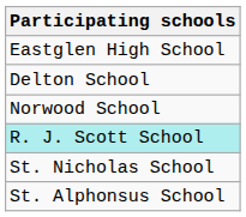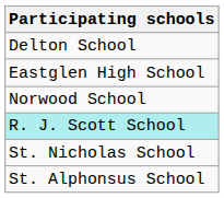 <table class="wikitable" align=right>
 <tr>
 <th>Participating schools</th>
 </tr>
 <tr>
-<td>Eastglen High School</td>
+<td>Delton School</td>
 </tr>
 <tr>
-<td>Delton School</td>
+<td>Eastglen High School</td>
 </tr>
 <tr>
 <td>Norwood School</td>
 </tr>
 <tr>
 <td style="background: paleturquoise;">R. J. Scott School</td>
 </tr>
 <tr>
 <td>St. Nicholas School</td>
 </tr>
 <tr>
 <td>St. Alphonsus School</td>
 </tr>
 </table>
